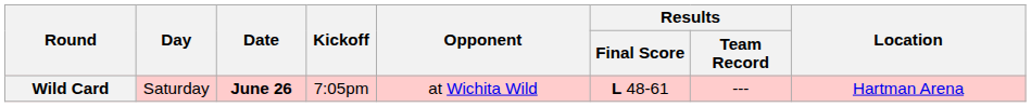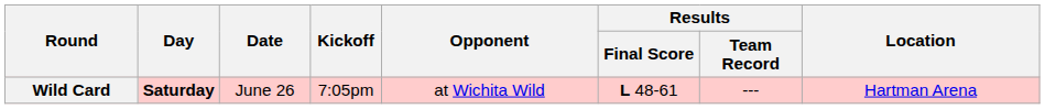 <table class="wikitable">
 <tr>
 <th rowspan="2" width="120">Round</th>
 <th rowspan="2" width="70">Day</th>
 <th rowspan="2" width="80">Date</th>
 <th rowspan="2" width="60">Kickoff</th>
 <th rowspan="2" width="200">Opponent</th>
 <th colspan="2" width="180">Results</th>
 <th rowspan="2" width="220">Location</th>
 </tr>
 <tr>
 <th width="90">Final Score</th>
 <th width="90">Team Record</th>
 </tr>
 <tr align="center" bgcolor="#FFCCCC">
 <th>Wild Card</th>
-<td align="center">Saturday</td>
-<td align="center"><strong>June 26</strong></td>
+<td align="center"><strong>Saturday</strong></td>
+<td align="center">June 26</td>
 <td align="center">7:05pm</td>
 <td align="center">at <a href='#'>Wichita Wild</a></td>
 <td align="center"><strong>L</strong> 48-61</td>
 <td align="center">---</td>
 <td align="center"><a href='#'>Hartman Arena</a></td>
 </tr>
 </table>
